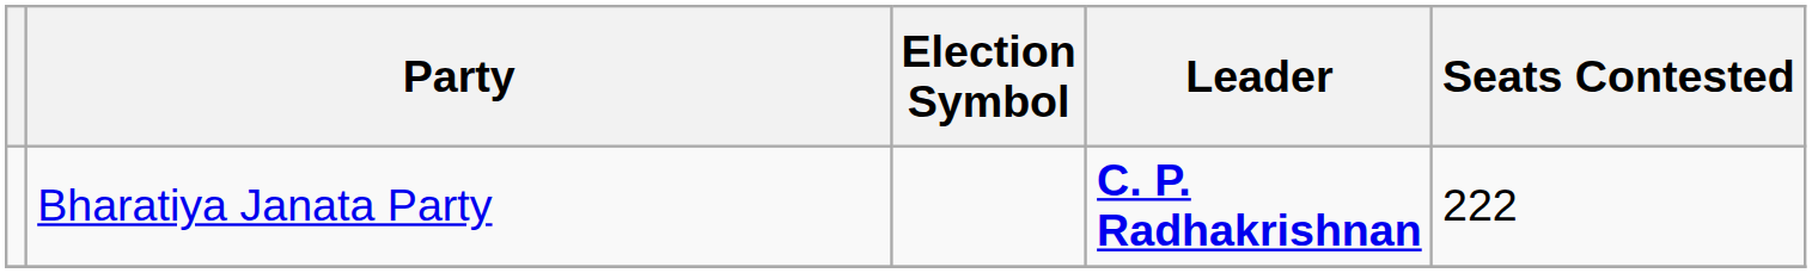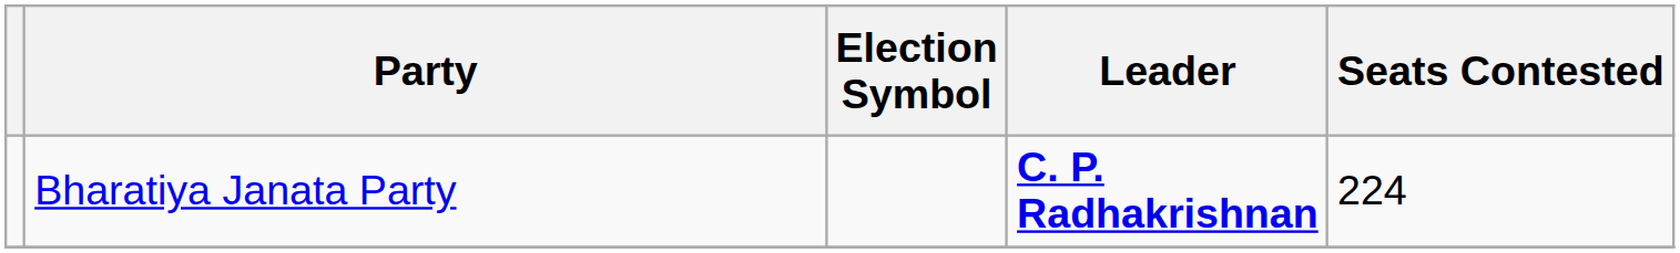 <table class="wikitable">
 <tr style="height: 50px;">
 <th></th>
 <th scope="col" style="width:300px;">Party</th>
 <th scope="col" style="width:60px;">Election Symbol</th>
 <th scope="col" style="width:80px;">Leader</th>
 <th>Seats Contested</th>
 </tr>
 <tr style="height:">
 <td></td>
 <td><a href='#'>Bharatiya Janata Party</a></td>
 <td></td>
 <td><strong><a href='#'>C. P. Radhakrishnan</a></strong></td>
-<td>222</td>
+<td>224</td>
 </tr>
 <tr>
 </tr>
 </table>
